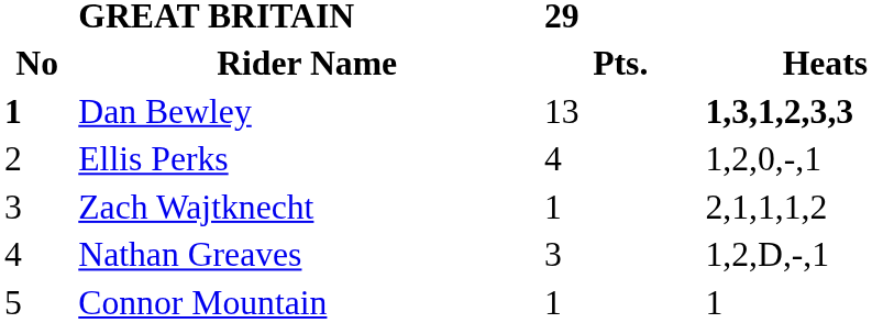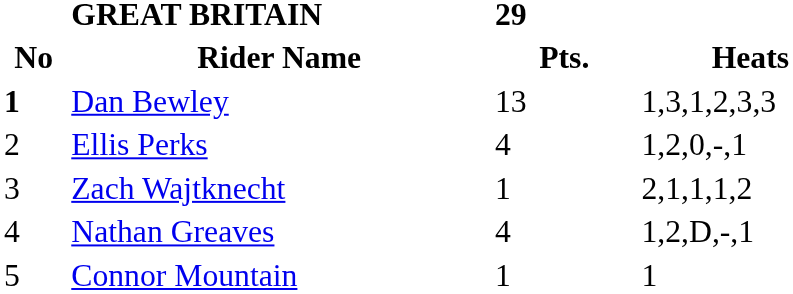 <table class="toccolours">
 <tr>
 <td></td>
 <td><strong>GREAT BRITAIN</strong></td>
 <td><strong>29</strong></td>
 </tr>
 <tr style="background-color:">
 <th width=30px>No</th>
 <th width=210px>Rider Name</th>
 <th width=70px>Pts.</th>
 <th width=110px>Heats</th>
 </tr>
 <tr style="background-color:">
 <td><strong>1</strong></td>
 <td><a href='#'>Dan Bewley</a></td>
 <td>13</td>
-<td><strong>1,3,1,2,3,3</strong></td>
+<td>1,3,1,2,3,3</td>
 </tr>
 <tr style="background-color:">
 <td>2</td>
 <td><a href='#'>Ellis Perks</a></td>
 <td>4</td>
 <td>1,2,0,-,1</td>
 </tr>
 <tr style="background-color:">
 <td>3</td>
 <td><a href='#'>Zach Wajtknecht</a></td>
 <td>1</td>
 <td>2,1,1,1,2</td>
 </tr>
 <tr style="background-color:">
 <td>4</td>
 <td><a href='#'>Nathan Greaves</a></td>
-<td>3</td>
+<td>4</td>
 <td>1,2,D,-,1</td>
 </tr>
 <tr style="background-color:">
 <td>5</td>
 <td><a href='#'>Connor Mountain</a></td>
 <td>1</td>
 <td>1</td>
 </tr>
 </table>
